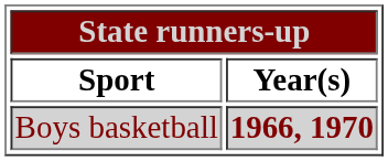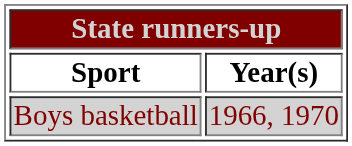 <table style="float: right;" border="1">
 <tr align=center style="background: maroon; color: #D3D3D3">
 <th colspan=2>State runners-up</th>
 </tr>
 <tr>
 <th>Sport</th>
 <th>Year(s)</th>
 </tr>
 <tr style="background: #D3D3D3; color: maroon">
 <td>Boys basketball</td>
-<td><strong>1966, 1970</strong></td>
+<td>1966, 1970</td>
 </tr>
 </table>
